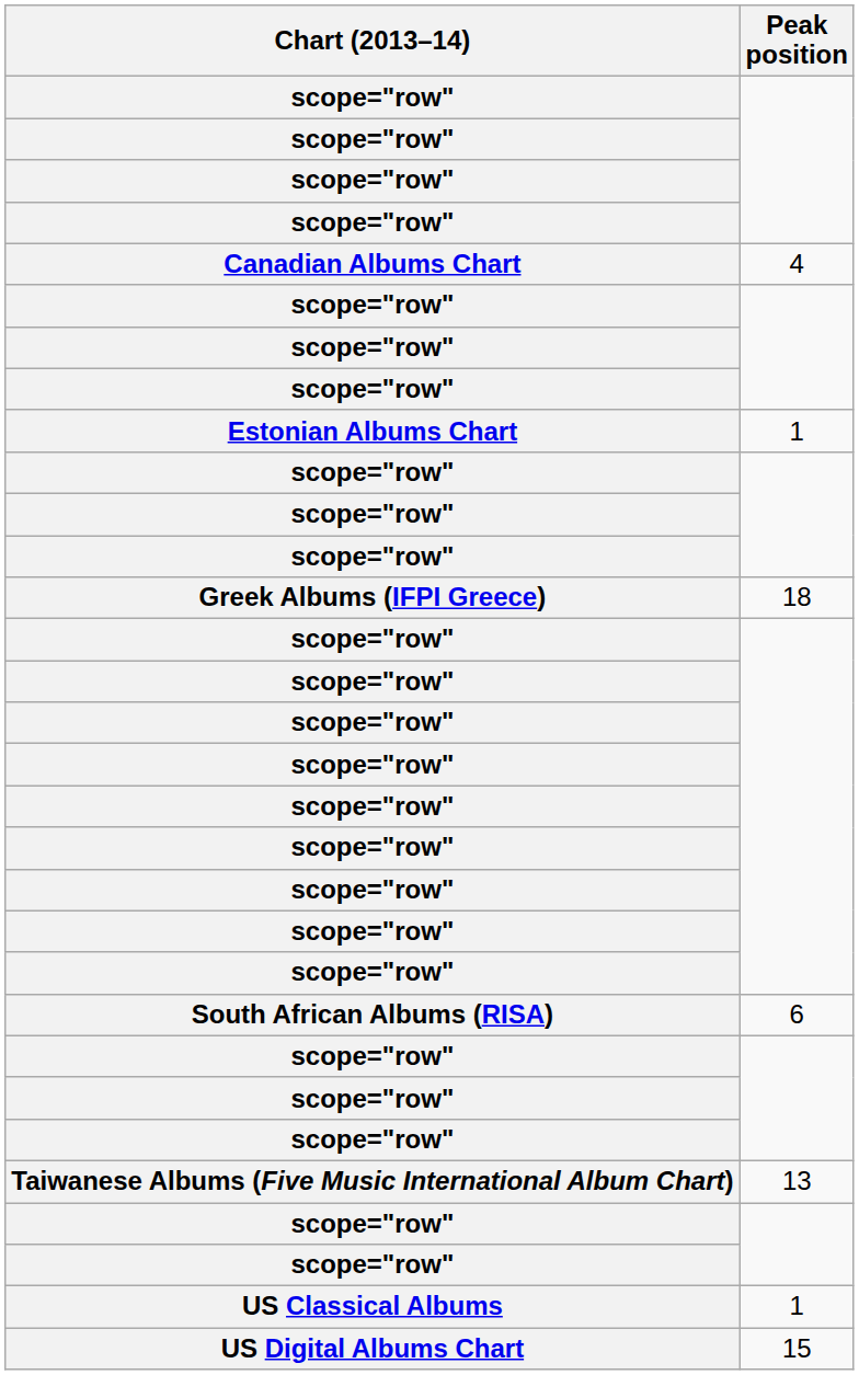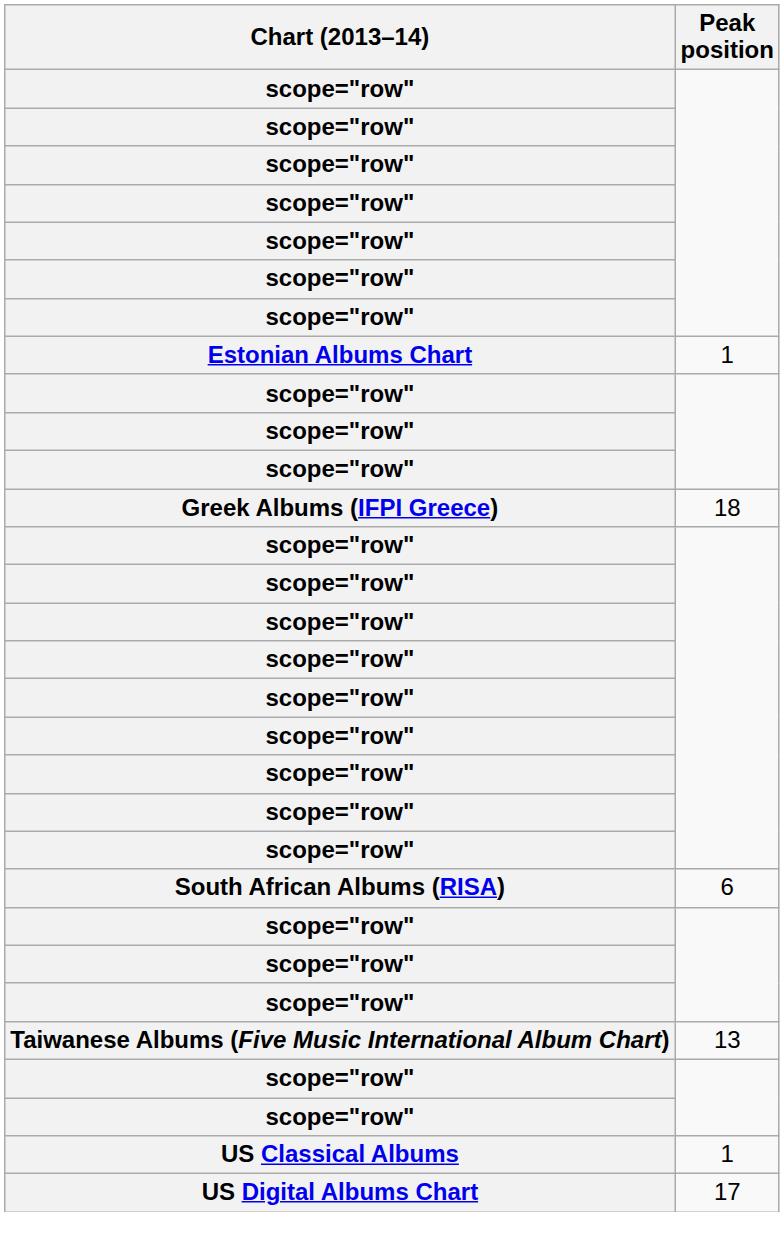 <table class="wikitable sortable plainrowheaders">
 <tr>
 <th>Chart (2013–14)</th>
 <th>Peak<br>position</th>
 </tr>
 <tr>
 <th>scope="row" </th>
 </tr>
 <tr>
 <th>scope="row" </th>
 </tr>
 <tr>
 <th>scope="row" </th>
 </tr>
 <tr>
 <th>scope="row" </th>
-</tr>
-<tr>
-<th scope="row"><a href='#'>Canadian Albums Chart</a></th>
-<td align="center">4</td>
 </tr>
 <tr>
 <th>scope="row" </th>
 </tr>
 <tr>
 <th>scope="row" </th>
 </tr>
 <tr>
 <th>scope="row" </th>
 </tr>
 <tr>
 <th scope="row"><a href='#'>Estonian Albums Chart</a></th>
 <td align="center">1</td>
 </tr>
 <tr>
 <th>scope="row" </th>
 </tr>
 <tr>
 <th>scope="row" </th>
 </tr>
 <tr>
 <th>scope="row" </th>
 </tr>
 <tr>
 <th scope="row">Greek Albums (<a href='#'>IFPI Greece</a>)</th>
 <td style="text-align:center;">18</td>
 </tr>
 <tr>
 <th>scope="row" </th>
 </tr>
 <tr>
 <th>scope="row" </th>
 </tr>
 <tr>
 <th>scope="row" </th>
 </tr>
 <tr>
 <th>scope="row" </th>
 </tr>
 <tr>
 <th>scope="row" </th>
 </tr>
 <tr>
 <th>scope="row" </th>
 </tr>
 <tr>
 <th>scope="row" </th>
 </tr>
 <tr>
 <th>scope="row" </th>
 </tr>
 <tr>
 <th>scope="row" </th>
 </tr>
 <tr>
 <th scope="row">South African Albums (<a href='#'>RISA</a>)</th>
 <td style="text-align:center;">6</td>
 </tr>
 <tr>
 <th>scope="row" </th>
 </tr>
 <tr>
 <th>scope="row" </th>
 </tr>
 <tr>
 <th>scope="row" </th>
 </tr>
 <tr>
 <th scope="row">Taiwanese Albums (<em>Five Music International Album Chart</em>)</th>
 <td align=center>13</td>
 </tr>
 <tr>
 <th>scope="row" </th>
 </tr>
 <tr>
 <th>scope="row" </th>
 </tr>
 <tr>
 <th scope="row">US <a href='#'>Classical Albums</a></th>
 <td align="center">1</td>
 </tr>
 <tr>
 <th scope="row">US <a href='#'>Digital Albums Chart</a></th>
-<td align="center">15</td>
+<td align="center">17</td>
 </tr>
 </table>
